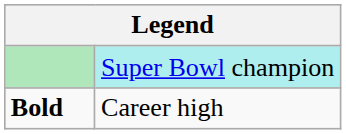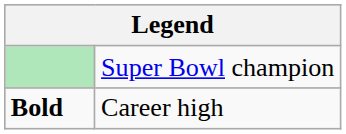 <table class="wikitable mw-collapsible mw-collapsed">
 <tr>
 <th colspan="2">Legend</th>
 </tr>
 <tr>
 <td style="background:#afe6ba; width:3em;"></td>
-<td style="background: paleturquoise;"><a href='#'>Super Bowl</a> champion</td>
+<td><a href='#'>Super Bowl</a> champion</td>
 </tr>
 <tr>
 <td><strong>Bold</strong></td>
 <td>Career high</td>
 </tr>
 </table>
